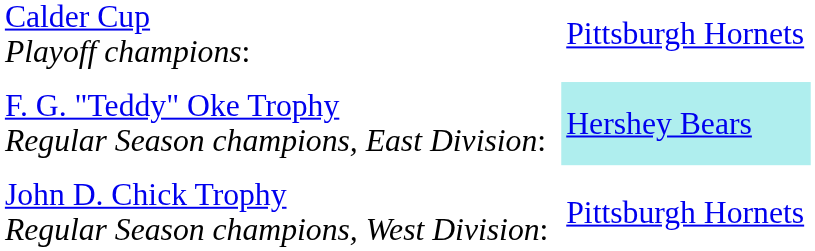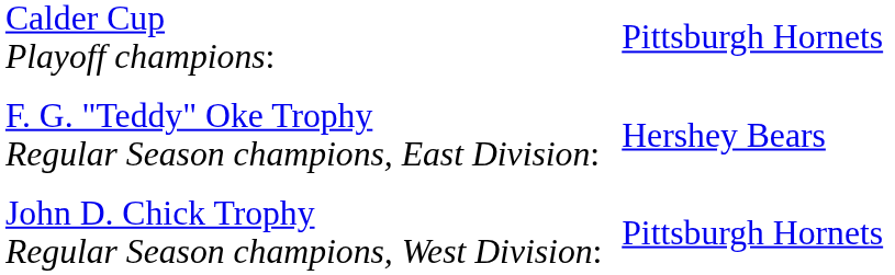 <table cellpadding="3" cellspacing="3">
 <tr>
 <td><a href='#'>Calder Cup</a><br><em>Playoff champions</em>:</td>
 <td><a href='#'>Pittsburgh Hornets</a></td>
 </tr>
 <tr>
 <td><a href='#'>F. G. "Teddy" Oke Trophy</a><br><em>Regular Season champions, East Division</em>:</td>
-<td style="background: paleturquoise;"><a href='#'>Hershey Bears</a></td>
+<td><a href='#'>Hershey Bears</a></td>
 </tr>
 <tr>
 <td><a href='#'>John D. Chick Trophy</a><br><em>Regular Season champions, West Division</em>:</td>
 <td><a href='#'>Pittsburgh Hornets</a></td>
 </tr>
 </table>
